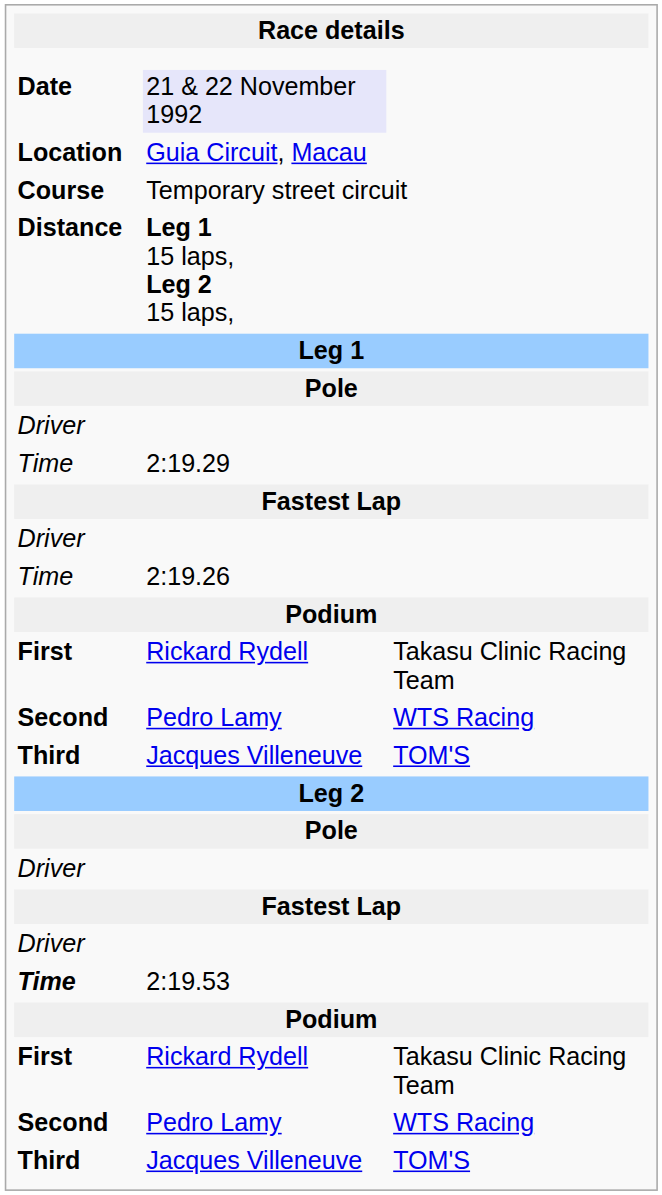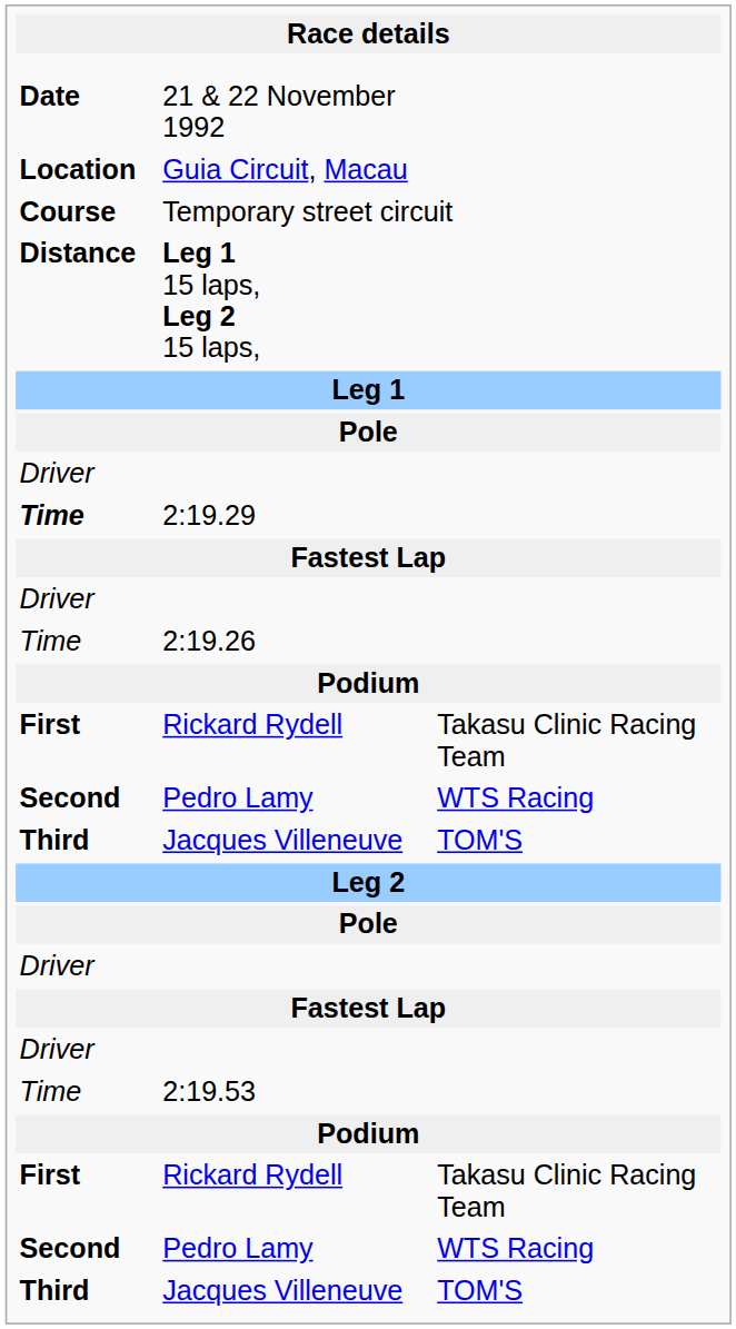 <table class="infobox" align="right" cellpadding="2" style="float:right; width: 26em; ">
 <tr>
 <th colspan="3" bgcolor="#efefef">Race details</th>
 </tr>
 <tr>
 <td colspan="3" style="text-align:center;"></td>
 </tr>
 <tr>
 <td colspan="3" style="text-align:center;"></td>
 </tr>
 <tr>
 <td style="width: 20%;"><strong>Date</strong></td>
-<td style="background: lavender;">21 & 22 November 1992</td>
+<td>21 & 22 November 1992</td>
 </tr>
 <tr>
 <td><strong>Location</strong></td>
 <td colspan=2><a href='#'>Guia Circuit</a>, <a href='#'>Macau</a></td>
 </tr>
 <tr>
 <td><strong>Course</strong></td>
 <td colspan=2>Temporary street circuit<br></td>
 </tr>
 <tr>
 <td><strong>Distance</strong></td>
 <td colspan=2><strong>Leg 1</strong><br>15 laps, <br><strong>Leg 2</strong><br>15 laps, </td>
 </tr>
 <tr>
 <td colspan="3" style="text-align:center; background-color:#99ccff"><strong>Leg 1</strong></td>
 </tr>
 <tr>
 <th colspan="3" bgcolor="#efefef">Pole</th>
 </tr>
 <tr>
 <td><em>Driver</em></td>
 <td></td>
 <td></td>
 </tr>
 <tr>
-<td><em>Time</em></td>
+<td><strong><em>Time</em></strong></td>
 <td colspan=2>2:19.29</td>
 </tr>
 <tr>
 <th colspan="3" bgcolor="#efefef">Fastest Lap</th>
 </tr>
 <tr>
 <td><em>Driver</em></td>
 <td></td>
 <td></td>
 </tr>
 <tr>
 <td><em>Time</em></td>
 <td colspan=2>2:19.26</td>
 </tr>
 <tr>
 <th colspan="3" bgcolor="#efefef">Podium</th>
 </tr>
 <tr>
 <td><strong>First</strong></td>
 <td> <a href='#'>Rickard Rydell</a></td>
 <td>Takasu Clinic Racing Team</td>
 </tr>
 <tr>
 <td><strong>Second</strong></td>
 <td> <a href='#'>Pedro Lamy</a></td>
 <td><a href='#'>WTS Racing</a></td>
 </tr>
 <tr>
 <td><strong>Third</strong></td>
 <td> <a href='#'>Jacques Villeneuve</a></td>
 <td><a href='#'>TOM'S</a></td>
 </tr>
 <tr>
 <td colspan="3" style="text-align:center; background-color:#99ccff"><strong>Leg 2</strong></td>
 </tr>
 <tr>
 <th colspan="3" bgcolor="#efefef">Pole</th>
 </tr>
 <tr>
 <td><em>Driver</em></td>
 <td></td>
 <td></td>
 </tr>
 <tr>
 <th colspan="3" bgcolor="#efefef">Fastest Lap</th>
 </tr>
 <tr>
 <td><em>Driver</em></td>
 <td></td>
 <td></td>
 </tr>
 <tr>
-<td><strong><em>Time</em></strong></td>
+<td><em>Time</em></td>
 <td colspan=2>2:19.53</td>
 </tr>
 <tr>
 <th colspan="3" bgcolor="#efefef">Podium</th>
 </tr>
 <tr>
 <td><strong>First</strong></td>
 <td> <a href='#'>Rickard Rydell</a></td>
 <td>Takasu Clinic Racing Team</td>
 </tr>
 <tr>
 <td><strong>Second</strong></td>
 <td> <a href='#'>Pedro Lamy</a></td>
 <td><a href='#'>WTS Racing</a></td>
 </tr>
 <tr>
 <td><strong>Third</strong></td>
 <td> <a href='#'>Jacques Villeneuve</a></td>
 <td><a href='#'>TOM'S</a></td>
 </tr>
 <tr>
 </tr>
 </table>
